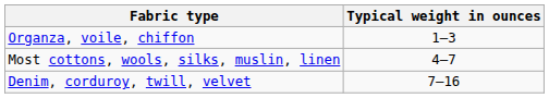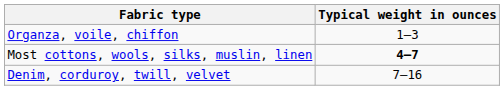 <table class="wikitable">
 <tr>
 <th>Fabric type</th>
 <th>Typical weight in ounces</th>
 </tr>
 <tr>
 <td><a href='#'>Organza</a>, <a href='#'>voile</a>, <a href='#'>chiffon</a></td>
 <td align="center">1–3</td>
 </tr>
 <tr>
 <td>Most <a href='#'>cottons</a>, <a href='#'>wools</a>, <a href='#'>silks</a>, <a href='#'>muslin</a>, <a href='#'>linen</a></td>
-<td align="center">4–7</td>
+<td align="center"><strong>4–7</strong></td>
 </tr>
 <tr>
 <td><a href='#'>Denim</a>, <a href='#'>corduroy</a>, <a href='#'>twill</a>, <a href='#'>velvet</a></td>
 <td align="center">7–16</td>
 </tr>
 </table>
